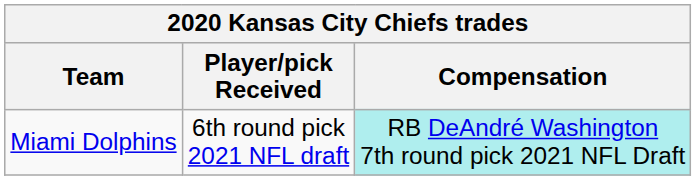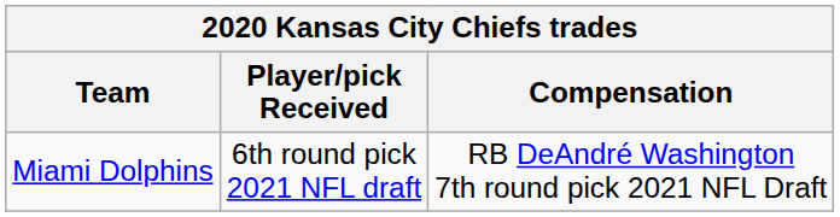 <table class="wikitable" style="text-align:center">
 <tr>
 <th colspan=3>2020 Kansas City Chiefs trades</th>
 </tr>
 <tr>
 <th>Team</th>
 <th>Player/pick<br>Received</th>
 <th>Compensation</th>
 </tr>
 <tr>
 <td><a href='#'>Miami Dolphins</a></td>
 <td>6th round pick<br><a href='#'>2021 NFL draft</a></td>
-<td style="background: paleturquoise;">RB <a href='#'>DeAndré Washington</a><br>7th round pick 2021 NFL Draft</td>
+<td>RB <a href='#'>DeAndré Washington</a><br>7th round pick 2021 NFL Draft</td>
 </tr>
 </table>
